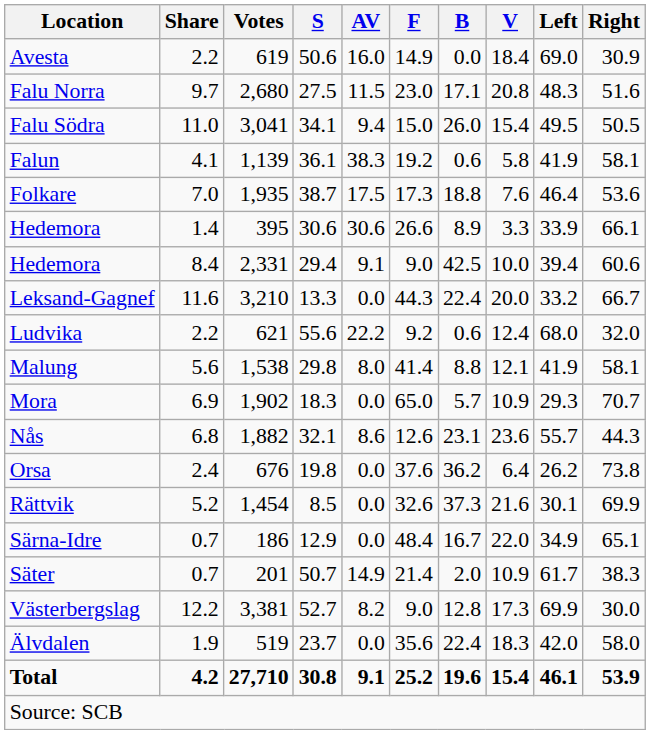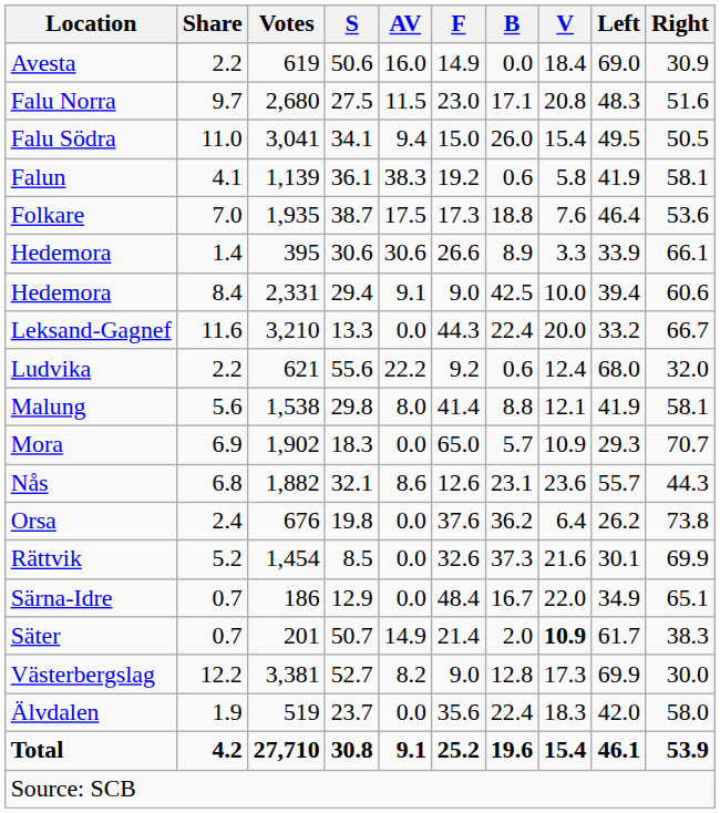 <table class="wikitable sortable" style=text-align:right>
 <tr>
 <th>Location</th>
 <th>Share</th>
 <th>Votes</th>
 <th><a href='#'>S</a></th>
 <th><a href='#'>AV</a></th>
 <th><a href='#'>F</a></th>
 <th><a href='#'>B</a></th>
 <th><a href='#'>V</a></th>
 <th>Left</th>
 <th>Right</th>
 </tr>
 <tr>
 <td align=left><a href='#'>Avesta</a></td>
 <td>2.2</td>
 <td>619</td>
 <td>50.6</td>
 <td>16.0</td>
 <td>14.9</td>
 <td>0.0</td>
 <td>18.4</td>
 <td>69.0</td>
 <td>30.9</td>
 </tr>
 <tr>
 <td align=left><a href='#'>Falu Norra</a></td>
 <td>9.7</td>
 <td>2,680</td>
 <td>27.5</td>
 <td>11.5</td>
 <td>23.0</td>
 <td>17.1</td>
 <td>20.8</td>
 <td>48.3</td>
 <td>51.6</td>
 </tr>
 <tr>
 <td align=left><a href='#'>Falu Södra</a></td>
 <td>11.0</td>
 <td>3,041</td>
 <td>34.1</td>
 <td>9.4</td>
 <td>15.0</td>
 <td>26.0</td>
 <td>15.4</td>
 <td>49.5</td>
 <td>50.5</td>
 </tr>
 <tr>
 <td align=left><a href='#'>Falun</a></td>
 <td>4.1</td>
 <td>1,139</td>
 <td>36.1</td>
 <td>38.3</td>
 <td>19.2</td>
 <td>0.6</td>
 <td>5.8</td>
 <td>41.9</td>
 <td>58.1</td>
 </tr>
 <tr>
 <td align=left><a href='#'>Folkare</a></td>
 <td>7.0</td>
 <td>1,935</td>
 <td>38.7</td>
 <td>17.5</td>
 <td>17.3</td>
 <td>18.8</td>
 <td>7.6</td>
 <td>46.4</td>
 <td>53.6</td>
 </tr>
 <tr>
 <td align=left><a href='#'>Hedemora</a></td>
 <td>1.4</td>
 <td>395</td>
 <td>30.6</td>
 <td>30.6</td>
 <td>26.6</td>
 <td>8.9</td>
 <td>3.3</td>
 <td>33.9</td>
 <td>66.1</td>
 </tr>
 <tr>
 <td align=left><a href='#'>Hedemora</a></td>
 <td>8.4</td>
 <td>2,331</td>
 <td>29.4</td>
 <td>9.1</td>
 <td>9.0</td>
 <td>42.5</td>
 <td>10.0</td>
 <td>39.4</td>
 <td>60.6</td>
 </tr>
 <tr>
 <td align=left><a href='#'>Leksand-Gagnef</a></td>
 <td>11.6</td>
 <td>3,210</td>
 <td>13.3</td>
 <td>0.0</td>
 <td>44.3</td>
 <td>22.4</td>
 <td>20.0</td>
 <td>33.2</td>
 <td>66.7</td>
 </tr>
 <tr>
 <td align=left><a href='#'>Ludvika</a></td>
 <td>2.2</td>
 <td>621</td>
 <td>55.6</td>
 <td>22.2</td>
 <td>9.2</td>
 <td>0.6</td>
 <td>12.4</td>
 <td>68.0</td>
 <td>32.0</td>
 </tr>
 <tr>
 <td align=left><a href='#'>Malung</a></td>
 <td>5.6</td>
 <td>1,538</td>
 <td>29.8</td>
 <td>8.0</td>
 <td>41.4</td>
 <td>8.8</td>
 <td>12.1</td>
 <td>41.9</td>
 <td>58.1</td>
 </tr>
 <tr>
 <td align=left><a href='#'>Mora</a></td>
 <td>6.9</td>
 <td>1,902</td>
 <td>18.3</td>
 <td>0.0</td>
 <td>65.0</td>
 <td>5.7</td>
 <td>10.9</td>
 <td>29.3</td>
 <td>70.7</td>
 </tr>
 <tr>
 <td align=left><a href='#'>Nås</a></td>
 <td>6.8</td>
 <td>1,882</td>
 <td>32.1</td>
 <td>8.6</td>
 <td>12.6</td>
 <td>23.1</td>
 <td>23.6</td>
 <td>55.7</td>
 <td>44.3</td>
 </tr>
 <tr>
 <td align=left><a href='#'>Orsa</a></td>
 <td>2.4</td>
 <td>676</td>
 <td>19.8</td>
 <td>0.0</td>
 <td>37.6</td>
 <td>36.2</td>
 <td>6.4</td>
 <td>26.2</td>
 <td>73.8</td>
 </tr>
 <tr>
 <td align=left><a href='#'>Rättvik</a></td>
 <td>5.2</td>
 <td>1,454</td>
 <td>8.5</td>
 <td>0.0</td>
 <td>32.6</td>
 <td>37.3</td>
 <td>21.6</td>
 <td>30.1</td>
 <td>69.9</td>
 </tr>
 <tr>
 <td align=left><a href='#'>Särna-Idre</a></td>
 <td>0.7</td>
 <td>186</td>
 <td>12.9</td>
 <td>0.0</td>
 <td>48.4</td>
 <td>16.7</td>
 <td>22.0</td>
 <td>34.9</td>
 <td>65.1</td>
 </tr>
 <tr>
 <td align=left><a href='#'>Säter</a></td>
 <td>0.7</td>
 <td>201</td>
 <td>50.7</td>
 <td>14.9</td>
 <td>21.4</td>
 <td>2.0</td>
-<td>10.9</td>
+<td><strong>10.9</strong></td>
 <td>61.7</td>
 <td>38.3</td>
 </tr>
 <tr>
 <td align=left><a href='#'>Västerbergslag</a></td>
 <td>12.2</td>
 <td>3,381</td>
 <td>52.7</td>
 <td>8.2</td>
 <td>9.0</td>
 <td>12.8</td>
 <td>17.3</td>
 <td>69.9</td>
 <td>30.0</td>
 </tr>
 <tr>
 <td align=left><a href='#'>Älvdalen</a></td>
 <td>1.9</td>
 <td>519</td>
 <td>23.7</td>
 <td>0.0</td>
 <td>35.6</td>
 <td>22.4</td>
 <td>18.3</td>
 <td>42.0</td>
 <td>58.0</td>
 </tr>
 <tr>
 <td align=left><strong>Total</strong></td>
 <td><strong>4.2</strong></td>
 <td><strong>27,710</strong></td>
 <td><strong>30.8</strong></td>
 <td><strong>9.1</strong></td>
 <td><strong>25.2</strong></td>
 <td><strong>19.6</strong></td>
 <td><strong>15.4</strong></td>
 <td><strong>46.1</strong></td>
 <td><strong>53.9</strong></td>
 </tr>
 <tr>
 <td align=left colspan=10>Source: SCB </td>
 </tr>
 </table>
